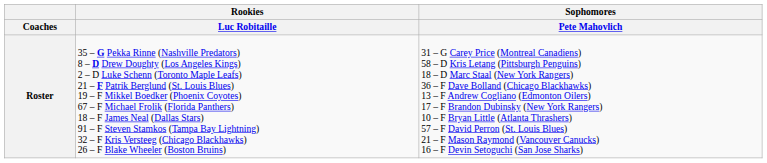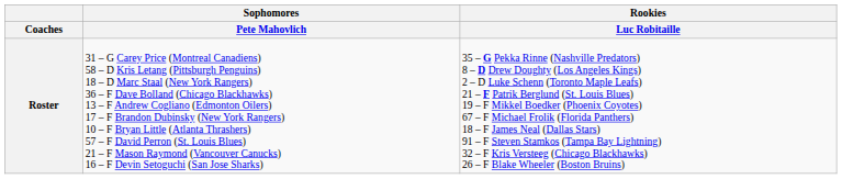 <table class="wikitable" style="width:100%">
 <tr>
 <th></th>
+<th>Sophomores</th>
 <th>Rookies</th>
-<th>Sophomores</th>
 </tr>
 <tr>
 <th>Coaches</th>
+<th><a href='#'>Pete Mahovlich</a></th>
 <th><a href='#'>Luc Robitaille</a></th>
-<th><a href='#'>Pete Mahovlich</a></th>
 </tr>
 <tr>
 <th>Roster</th>
+<td><br> 31 – G <a href='#'>Carey Price</a> (<a href='#'>Montreal Canadiens</a>)<br>  58 – D <a href='#'>Kris Letang</a> (<a href='#'>Pittsburgh Penguins</a>)<br>  18 – D <a href='#'>Marc Staal</a> (<a href='#'>New York Rangers</a>)<br>  36 – F <a href='#'>Dave Bolland</a> (<a href='#'>Chicago Blackhawks</a>)<br>  13 – F <a href='#'>Andrew Cogliano</a> (<a href='#'>Edmonton Oilers</a>)<br>  17 – F <a href='#'>Brandon Dubinsky</a> (<a href='#'>New York Rangers</a>)<br>  10 – F <a href='#'>Bryan Little</a> (<a href='#'>Atlanta Thrashers</a>)<br>  57 – F <a href='#'>David Perron</a> (<a href='#'>St. Louis Blues</a>)<br>  21 – F <a href='#'>Mason Raymond</a> (<a href='#'>Vancouver Canucks</a>)<br>  16 – F <a href='#'>Devin Setoguchi</a> (<a href='#'>San Jose Sharks</a>)<br></td>
 <td><br> 35 – <strong><a href='#'>G</a></strong> <a href='#'>Pekka Rinne</a> (<a href='#'>Nashville Predators</a>)<br>  8 – <strong><a href='#'>D</a></strong> <a href='#'>Drew Doughty</a> (<a href='#'>Los Angeles Kings</a>)<br>  2 – D <a href='#'>Luke Schenn</a> (<a href='#'>Toronto Maple Leafs</a>)<br>  21 – <strong><a href='#'>F</a></strong> <a href='#'>Patrik Berglund</a> (<a href='#'>St. Louis Blues</a>)<br>  19 – F <a href='#'>Mikkel Boedker</a> (<a href='#'>Phoenix Coyotes</a>)<br>  67 – F <a href='#'>Michael Frolik</a> (<a href='#'>Florida Panthers</a>)<br>  18 – F <a href='#'>James Neal</a> (<a href='#'>Dallas Stars</a>)<br>  91 – F <a href='#'>Steven Stamkos</a> (<a href='#'>Tampa Bay Lightning</a>)<br>  32 – F <a href='#'>Kris Versteeg</a> (<a href='#'>Chicago Blackhawks</a>)<br>  26 – F <a href='#'>Blake Wheeler</a> (<a href='#'>Boston Bruins</a>)<br></td>
-<td><br> 31 – G <a href='#'>Carey Price</a> (<a href='#'>Montreal Canadiens</a>)<br>  58 – D <a href='#'>Kris Letang</a> (<a href='#'>Pittsburgh Penguins</a>)<br>  18 – D <a href='#'>Marc Staal</a> (<a href='#'>New York Rangers</a>)<br>  36 – F <a href='#'>Dave Bolland</a> (<a href='#'>Chicago Blackhawks</a>)<br>  13 – F <a href='#'>Andrew Cogliano</a> (<a href='#'>Edmonton Oilers</a>)<br>  17 – F <a href='#'>Brandon Dubinsky</a> (<a href='#'>New York Rangers</a>)<br>  10 – F <a href='#'>Bryan Little</a> (<a href='#'>Atlanta Thrashers</a>)<br>  57 – F <a href='#'>David Perron</a> (<a href='#'>St. Louis Blues</a>)<br>  21 – F <a href='#'>Mason Raymond</a> (<a href='#'>Vancouver Canucks</a>)<br>  16 – F <a href='#'>Devin Setoguchi</a> (<a href='#'>San Jose Sharks</a>)<br></td>
 </tr>
 </table>
